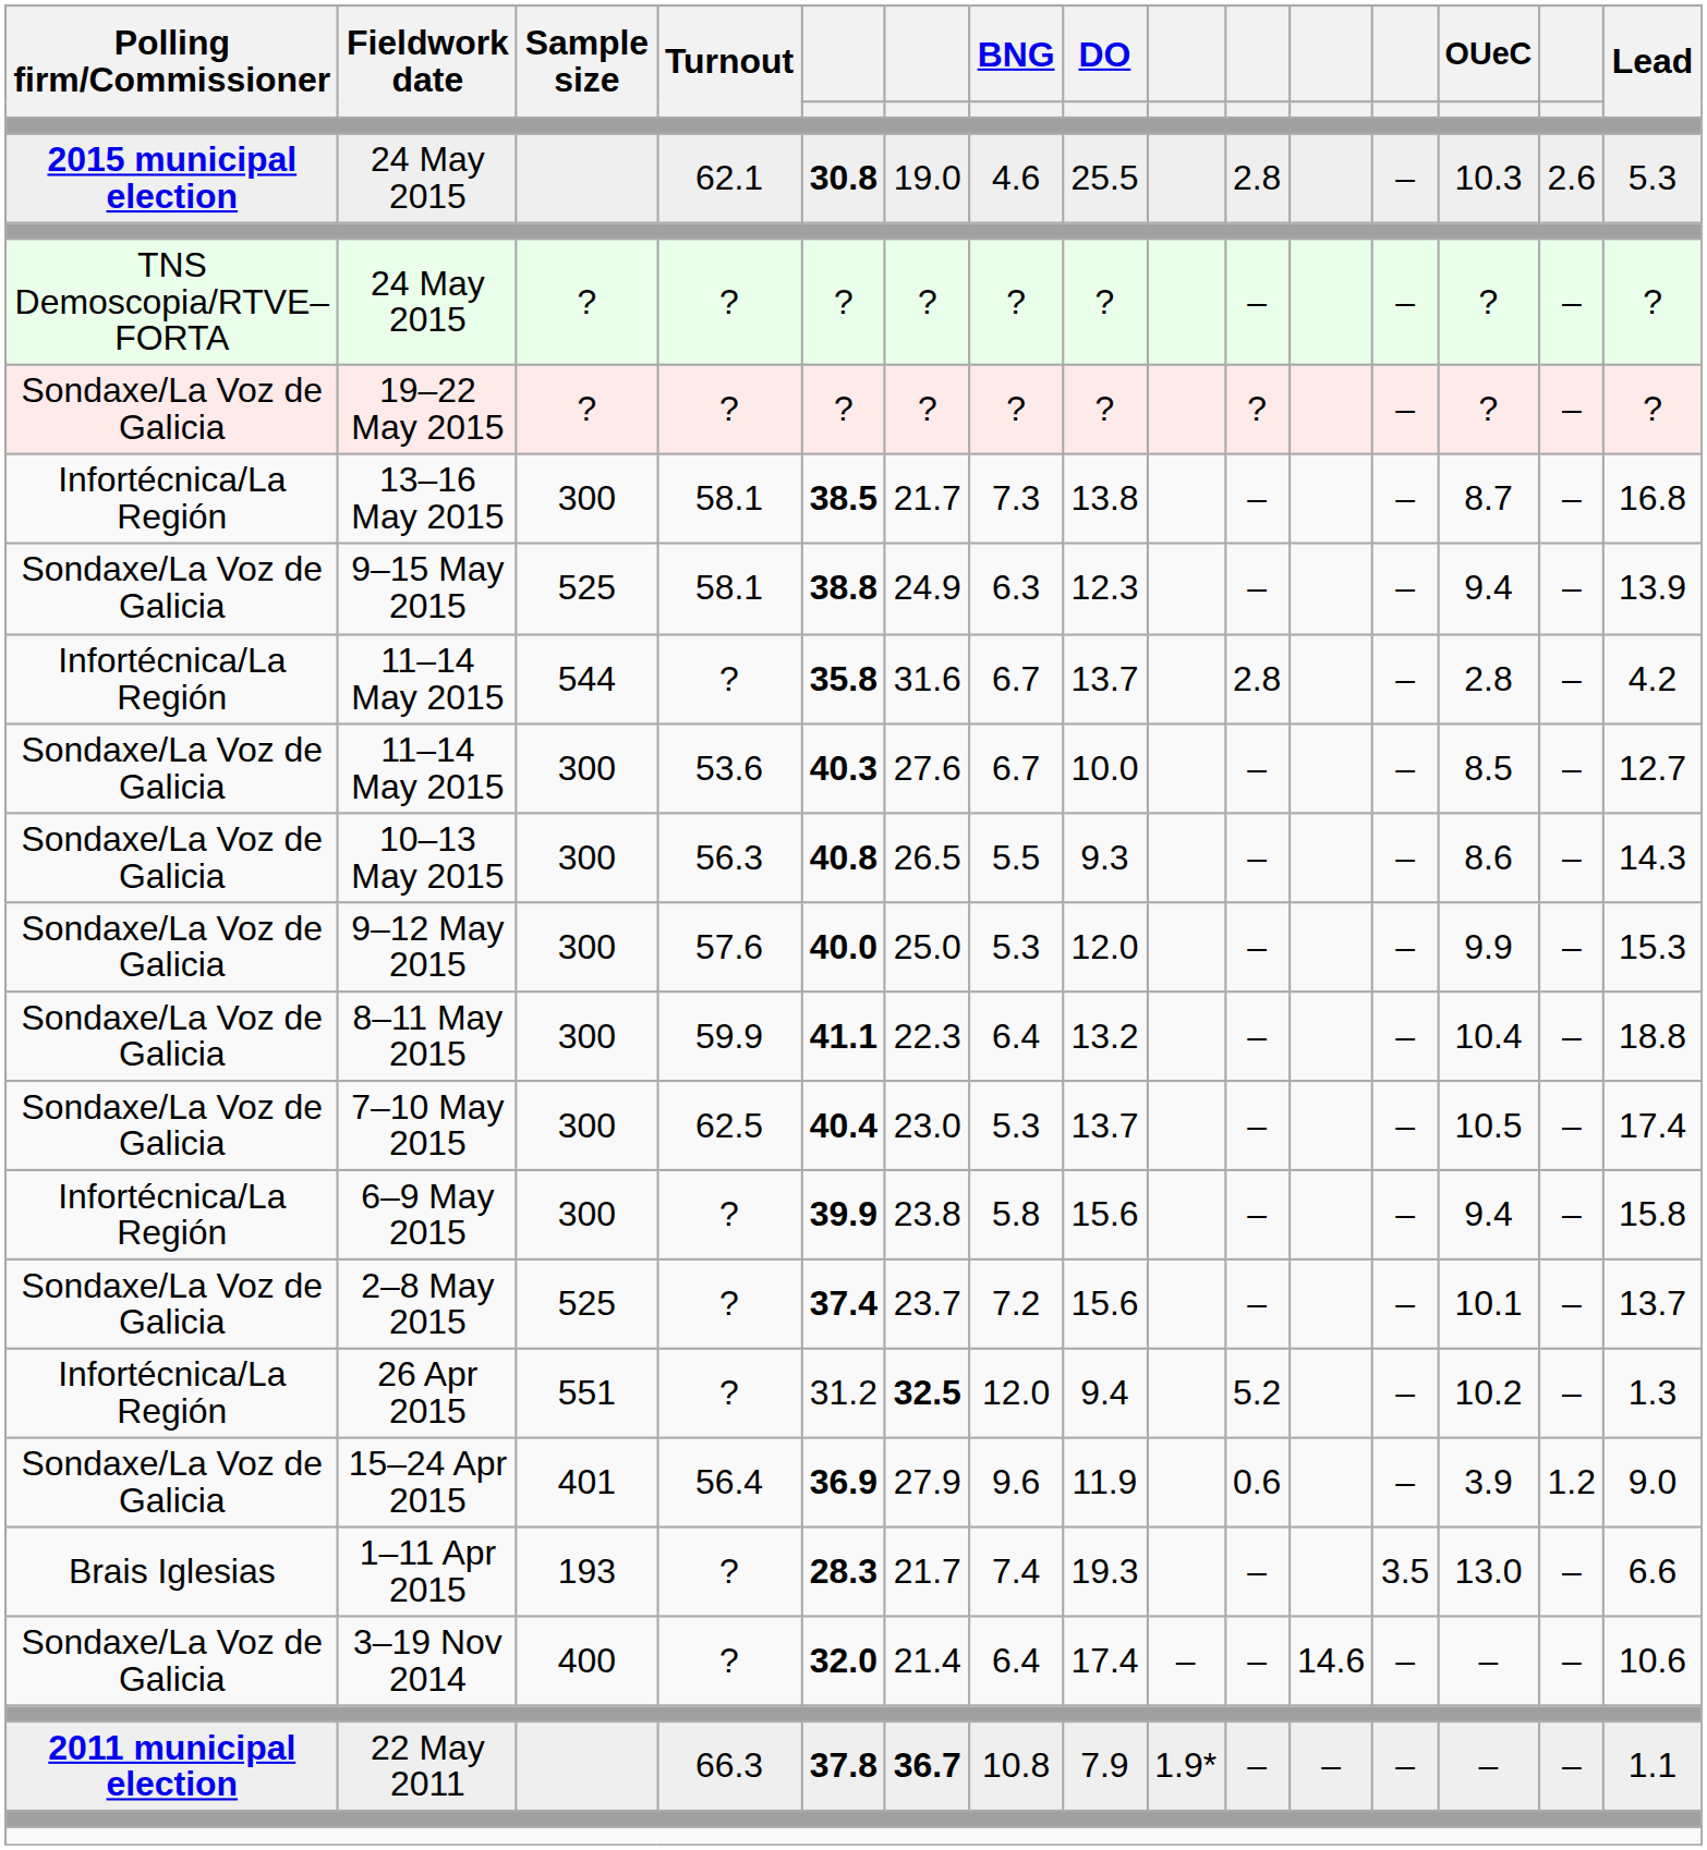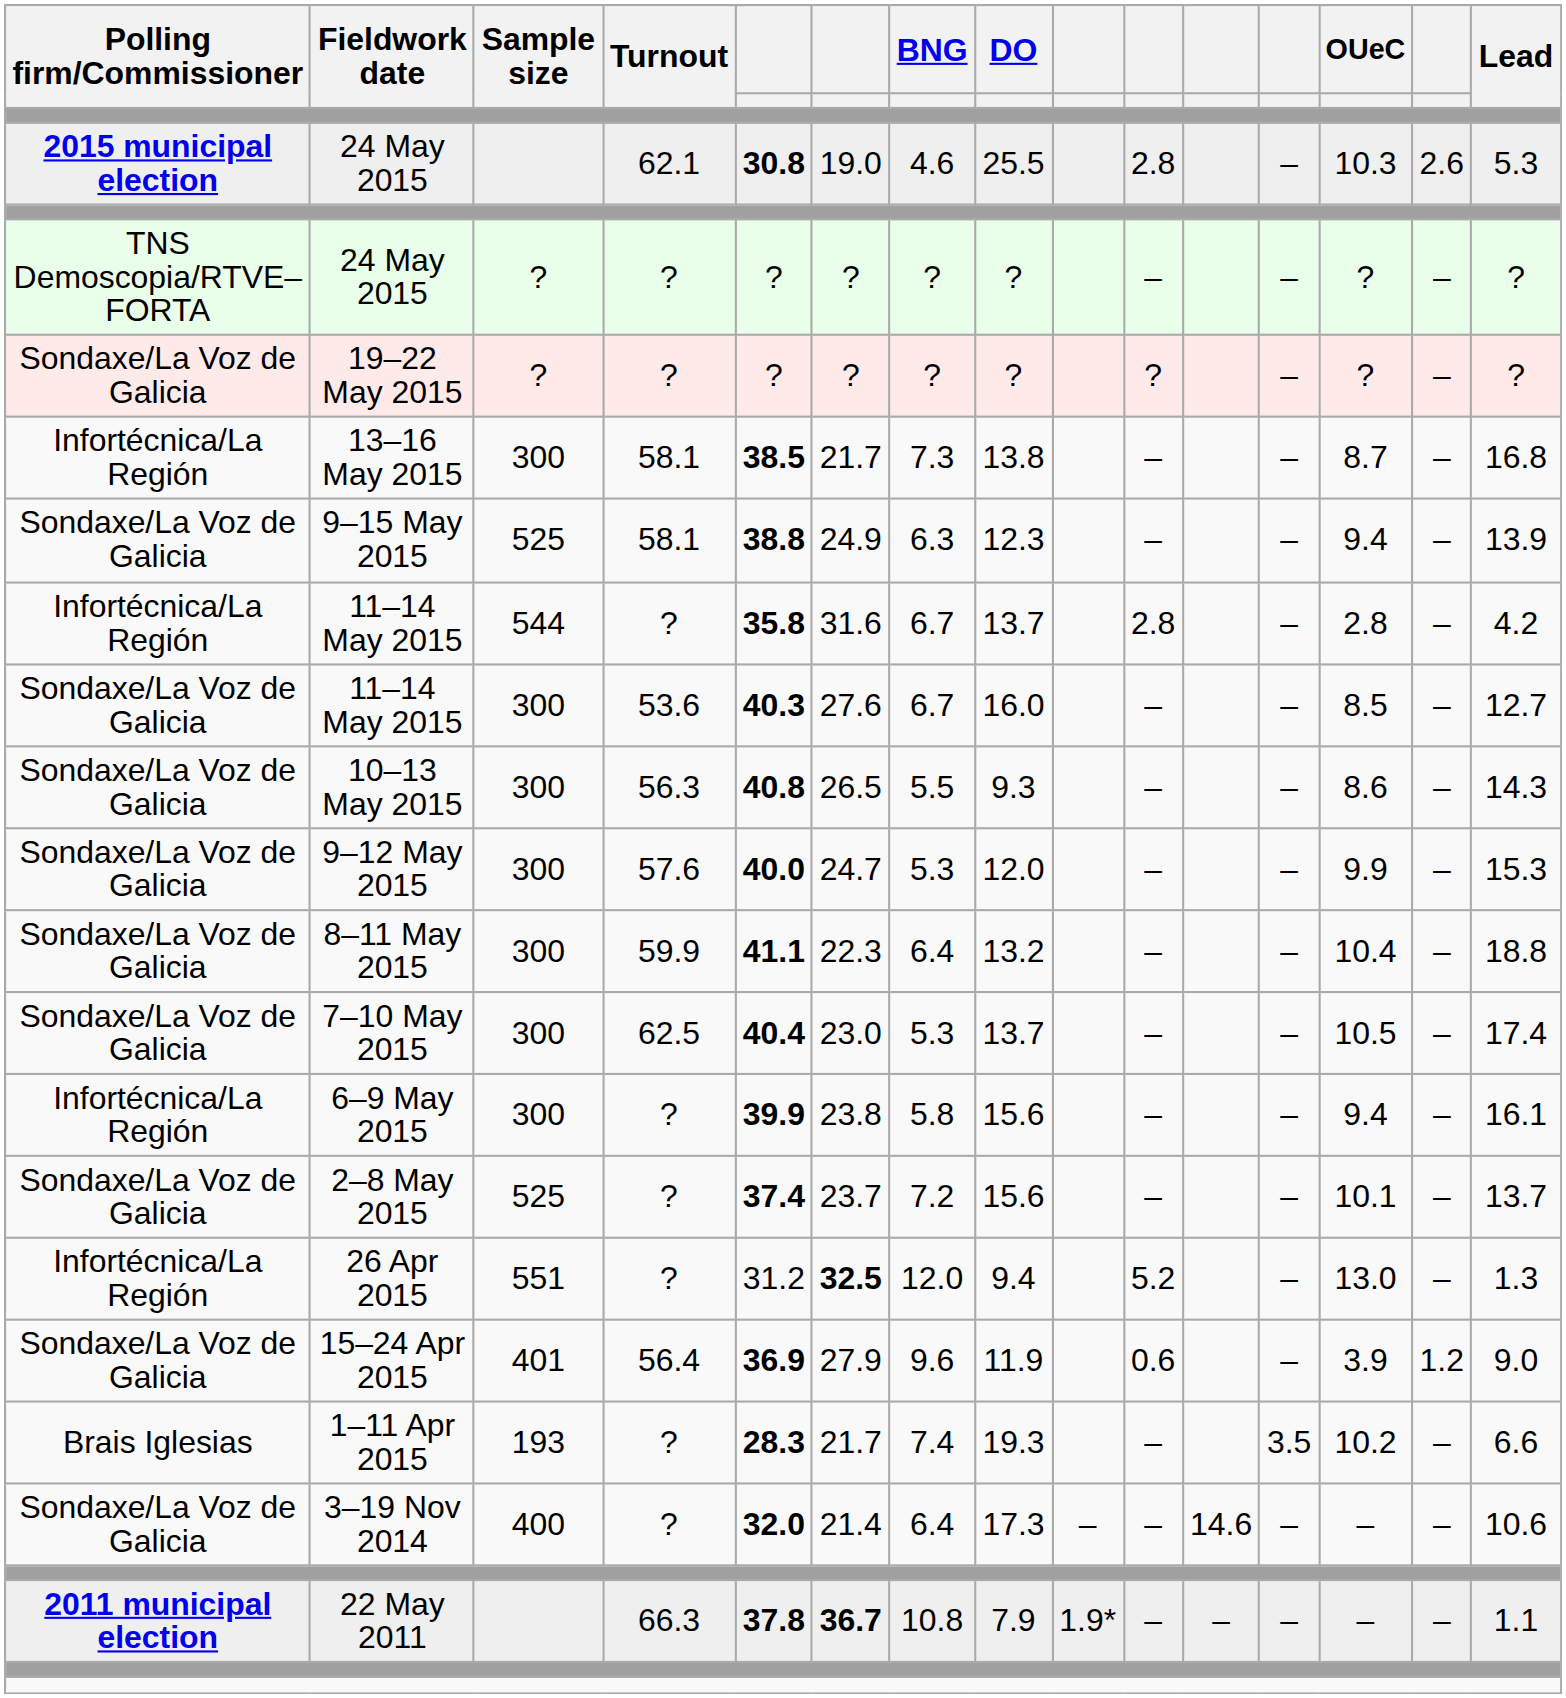 <table class="wikitable collapsible collapsed" style="text-align:center; font-size:95%; line-height:16px;">
 <tr style="height:42px;">
 <th style="width:250px;" rowspan="2">Polling firm/Commissioner</th>
 <th style="width:125px;" rowspan="2">Fieldwork date</th>
 <th style="width:50px;" rowspan="2">Sample size</th>
 <th style="width:45px;" rowspan="2">Turnout</th>
 <th style="width:35px;"></th>
 <th style="width:35px;"></th>
 <th style="width:35px;"><a href='#'>BNG</a></th>
 <th style="width:35px;"><a href='#'>DO</a></th>
 <th style="width:35px;"></th>
 <th style="width:35px;"></th>
 <th style="width:35px;"></th>
 <th style="width:35px;"></th>
 <th style="width:35px; font-size:90%;">OUeC</th>
 <th style="width:35px;"></th>
 <th style="width:30px;" rowspan="2">Lead</th>
 </tr>
 <tr>
 <th style="color:inherit;background:"></th>
 <th style="color:inherit;background:"></th>
 <th style="color:inherit;background:"></th>
 <th style="color:inherit;background:"></th>
 <th style="color:inherit;background:"></th>
 <th style="color:inherit;background:"></th>
 <th style="color:inherit;background:"></th>
 <th style="color:inherit;background:"></th>
 <th style="color:inherit;background:"></th>
 <th style="color:inherit;background:"></th>
 </tr>
 <tr>
 <td colspan="15" style="background:#A0A0A0"></td>
 </tr>
 <tr style="background:#EFEFEF;">
 <td><strong><a href='#'>2015 municipal election</a></strong></td>
 <td>24 May 2015</td>
 <td></td>
 <td>62.1</td>
 <td><strong>30.8</strong><br></td>
 <td>19.0<br></td>
 <td>4.6<br></td>
 <td>25.5<br></td>
 <td></td>
 <td>2.8<br></td>
 <td></td>
 <td>–</td>
 <td>10.3<br></td>
 <td>2.6<br></td>
 <td style="background:">5.3</td>
 </tr>
 <tr>
 <td colspan="15" style="background:#A0A0A0"></td>
 </tr>
 <tr style="background:#EAFFEA;">
 <td>TNS Demoscopia/RTVE–FORTA</td>
 <td>24 May 2015</td>
 <td>?</td>
 <td>?</td>
 <td>?<br></td>
 <td>?<br></td>
 <td>?<br></td>
 <td>?<br></td>
 <td></td>
 <td>–</td>
 <td></td>
 <td>–</td>
 <td>?<br></td>
 <td>–</td>
 <td style="background:">?</td>
 </tr>
 <tr style="background:#FFEAEA;">
 <td>Sondaxe/La Voz de Galicia</td>
 <td>19–22 May 2015</td>
 <td>?</td>
 <td>?</td>
 <td>?<br></td>
 <td>?<br></td>
 <td>?<br></td>
 <td>?<br></td>
 <td></td>
 <td>?<br></td>
 <td></td>
 <td>–</td>
 <td>?<br></td>
 <td>–</td>
 <td style="background:">?</td>
 </tr>
 <tr>
 <td>Infortécnica/La Región</td>
 <td>13–16 May 2015</td>
 <td>300</td>
 <td>58.1</td>
 <td><strong>38.5</strong><br></td>
 <td>21.7<br></td>
 <td>7.3<br></td>
 <td>13.8<br></td>
 <td></td>
 <td>–</td>
 <td></td>
 <td>–</td>
 <td>8.7<br></td>
 <td>–</td>
 <td style="background:">16.8</td>
 </tr>
 <tr>
 <td>Sondaxe/La Voz de Galicia</td>
 <td>9–15 May 2015</td>
 <td>525</td>
 <td>58.1</td>
 <td><strong>38.8</strong><br></td>
 <td>24.9<br></td>
 <td>6.3<br></td>
 <td>12.3<br></td>
 <td></td>
 <td>–</td>
 <td></td>
 <td>–</td>
 <td>9.4<br></td>
 <td>–</td>
 <td style="background:">13.9</td>
 </tr>
 <tr>
 <td>Infortécnica/La Región</td>
 <td>11–14 May 2015</td>
 <td>544</td>
 <td>?</td>
 <td><strong>35.8</strong><br></td>
 <td>31.6<br></td>
 <td>6.7<br></td>
 <td>13.7<br></td>
 <td></td>
 <td>2.8<br></td>
 <td></td>
 <td>–</td>
 <td>2.8<br></td>
 <td>–</td>
 <td style="background:">4.2</td>
 </tr>
 <tr>
 <td>Sondaxe/La Voz de Galicia</td>
 <td>11–14 May 2015</td>
 <td>300</td>
 <td>53.6</td>
 <td><strong>40.3</strong><br></td>
 <td>27.6<br></td>
 <td>6.7<br></td>
-<td>10.0<br></td>
+<td>16.0<br></td>
 <td></td>
 <td>–</td>
 <td></td>
 <td>–</td>
 <td>8.5<br></td>
 <td>–</td>
 <td style="background:">12.7</td>
 </tr>
 <tr>
 <td>Sondaxe/La Voz de Galicia</td>
 <td>10–13 May 2015</td>
 <td>300</td>
 <td>56.3</td>
 <td><strong>40.8</strong><br></td>
 <td>26.5<br></td>
 <td>5.5<br></td>
 <td>9.3<br></td>
 <td></td>
 <td>–</td>
 <td></td>
 <td>–</td>
 <td>8.6<br></td>
 <td>–</td>
 <td style="background:">14.3</td>
 </tr>
 <tr>
 <td>Sondaxe/La Voz de Galicia</td>
 <td>9–12 May 2015</td>
 <td>300</td>
 <td>57.6</td>
 <td><strong>40.0</strong><br></td>
-<td>25.0<br></td>
+<td>24.7<br></td>
 <td>5.3<br></td>
 <td>12.0<br></td>
 <td></td>
 <td>–</td>
 <td></td>
 <td>–</td>
 <td>9.9<br></td>
 <td>–</td>
 <td style="background:">15.3</td>
 </tr>
 <tr>
 <td>Sondaxe/La Voz de Galicia</td>
 <td>8–11 May 2015</td>
 <td>300</td>
 <td>59.9</td>
 <td><strong>41.1</strong><br></td>
 <td>22.3<br></td>
 <td>6.4<br></td>
 <td>13.2<br></td>
 <td></td>
 <td>–</td>
 <td></td>
 <td>–</td>
 <td>10.4<br></td>
 <td>–</td>
 <td style="background:">18.8</td>
 </tr>
 <tr>
 <td>Sondaxe/La Voz de Galicia</td>
 <td>7–10 May 2015</td>
 <td>300</td>
 <td>62.5</td>
 <td><strong>40.4</strong><br></td>
 <td>23.0<br></td>
 <td>5.3<br></td>
 <td>13.7<br></td>
 <td></td>
 <td>–</td>
 <td></td>
 <td>–</td>
 <td>10.5<br></td>
 <td>–</td>
 <td style="background:">17.4</td>
 </tr>
 <tr>
 <td>Infortécnica/La Región</td>
 <td>6–9 May 2015</td>
 <td>300</td>
 <td>?</td>
 <td><strong>39.9</strong><br></td>
 <td>23.8<br></td>
 <td>5.8<br></td>
 <td>15.6<br></td>
 <td></td>
 <td>–</td>
 <td></td>
 <td>–</td>
 <td>9.4<br></td>
 <td>–</td>
-<td style="background:">15.8</td>
+<td style="background:">16.1</td>
 </tr>
 <tr>
 <td>Sondaxe/La Voz de Galicia</td>
 <td>2–8 May 2015</td>
 <td>525</td>
 <td>?</td>
 <td><strong>37.4</strong><br></td>
 <td>23.7<br></td>
 <td>7.2<br></td>
 <td>15.6<br></td>
 <td></td>
 <td>–</td>
 <td></td>
 <td>–</td>
 <td>10.1<br></td>
 <td>–</td>
 <td style="background:">13.7</td>
 </tr>
 <tr>
 <td>Infortécnica/La Región</td>
 <td>26 Apr 2015</td>
 <td>551</td>
 <td>?</td>
 <td>31.2<br></td>
 <td><strong>32.5</strong><br></td>
 <td>12.0<br></td>
 <td>9.4<br></td>
 <td></td>
 <td>5.2<br></td>
 <td></td>
 <td>–</td>
-<td>10.2<br></td>
+<td>13.0<br></td>
 <td>–</td>
 <td style="background:">1.3</td>
 </tr>
 <tr>
 <td>Sondaxe/La Voz de Galicia</td>
 <td>15–24 Apr 2015</td>
 <td>401</td>
 <td>56.4</td>
 <td><strong>36.9</strong><br></td>
 <td>27.9<br></td>
 <td>9.6<br></td>
 <td>11.9<br></td>
 <td></td>
 <td>0.6<br></td>
 <td></td>
 <td>–</td>
 <td>3.9<br></td>
 <td>1.2<br></td>
 <td style="background:">9.0</td>
 </tr>
 <tr>
 <td>Brais Iglesias</td>
 <td>1–11 Apr 2015</td>
 <td>193</td>
 <td>?</td>
 <td><strong>28.3</strong><br></td>
 <td>21.7<br></td>
 <td>7.4<br></td>
 <td>19.3<br></td>
 <td></td>
 <td>–</td>
 <td></td>
 <td>3.5<br></td>
-<td>13.0<br></td>
+<td>10.2<br></td>
 <td>–</td>
 <td style="background:">6.6</td>
 </tr>
 <tr>
 <td>Sondaxe/La Voz de Galicia</td>
 <td>3–19 Nov 2014</td>
 <td>400</td>
 <td>?</td>
 <td><strong>32.0</strong><br></td>
 <td>21.4<br></td>
 <td>6.4<br></td>
-<td>17.4<br></td>
+<td>17.3<br></td>
 <td>–</td>
 <td>–</td>
 <td>14.6<br></td>
 <td>–</td>
 <td>–</td>
 <td>–</td>
 <td style="background:">10.6</td>
 </tr>
 <tr>
 <td colspan="15" style="background:#A0A0A0"></td>
 </tr>
 <tr style="background:#EFEFEF;">
 <td><strong><a href='#'>2011 municipal election</a></strong></td>
 <td>22 May 2011</td>
 <td></td>
 <td>66.3</td>
 <td><strong>37.8</strong><br></td>
 <td><strong>36.7<br></strong></td>
 <td>10.8<br></td>
 <td>7.9<br></td>
 <td>1.9*<br></td>
 <td>–</td>
 <td>–</td>
 <td>–</td>
 <td>–</td>
 <td>–</td>
 <td style="background:">1.1</td>
 </tr>
 <tr>
 <td colspan="15" style="background:#A0A0A0"></td>
 </tr>
 <tr>
 <td align="left" colspan="15"></td>
 </tr>
 </table>
